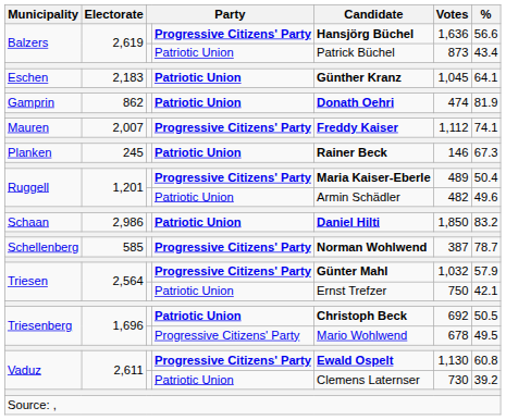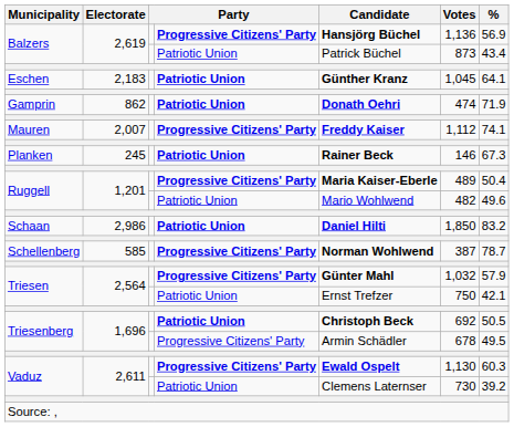 <table class="wikitable" style="text-align:right">
 <tr>
 <th>Municipality</th>
 <th>Electorate</th>
 <th colspan="2">Party</th>
 <th>Candidate</th>
 <th>Votes</th>
 <th>%</th>
 </tr>
 <tr>
 <td rowspan="2" align=left><a href='#'>Balzers</a></td>
 <td rowspan="2">2,619</td>
 <td></td>
 <td align="left"><strong><a href='#'>Progressive Citizens' Party</a></strong></td>
 <td align="left"><strong>Hansjörg Büchel</strong></td>
-<td>1,636</td>
-<td>56.6</td>
+<td>1,136</td>
+<td>56.9</td>
 </tr>
 <tr>
 <td style="color:inherit;background:"></td>
 <td align="left"><a href='#'>Patriotic Union</a></td>
 <td align="left">Patrick Büchel</td>
 <td>873</td>
 <td>43.4</td>
 </tr>
 <tr>
 <th colspan="7"></th>
 </tr>
 <tr>
 <td align="left"><a href='#'>Eschen</a></td>
 <td>2,183</td>
 <td style="color:inherit;background:"></td>
 <td align="left"><a href='#'><strong>Patriotic Union</strong></a></td>
 <td align="left"><strong>Günther Kranz</strong></td>
 <td>1,045</td>
 <td>64.1</td>
 </tr>
 <tr>
 <th colspan="7"></th>
 </tr>
 <tr>
 <td align="left"><a href='#'>Gamprin</a></td>
 <td>862</td>
 <td style="color:inherit;background:"></td>
 <td align="left"><a href='#'><strong>Patriotic Union</strong></a></td>
 <td align="left"><strong><a href='#'>Donath Oehri</a></strong></td>
 <td>474</td>
-<td>81.9</td>
+<td>71.9</td>
 </tr>
 <tr>
 <th colspan="7"></th>
 </tr>
 <tr>
 <td align="left"><a href='#'>Mauren</a></td>
 <td>2,007</td>
 <td style="color:inherit;background:"></td>
 <td align="left"><strong><a href='#'>Progressive Citizens' Party</a></strong></td>
 <td align="left"><strong><a href='#'>Freddy Kaiser</a></strong></td>
 <td>1,112</td>
 <td>74.1</td>
 </tr>
 <tr>
 <th colspan="7"></th>
 </tr>
 <tr>
 <td align="left"><a href='#'>Planken</a></td>
 <td>245</td>
 <td style="color:inherit;background:"></td>
 <td align="left"><a href='#'><strong>Patriotic Union</strong></a></td>
 <td align="left"><strong>Rainer Beck</strong></td>
 <td>146</td>
 <td>67.3</td>
 </tr>
 <tr>
 <th colspan="7"></th>
 </tr>
 <tr>
 <td rowspan="2" align="left"><a href='#'>Ruggell</a></td>
 <td rowspan="2">1,201</td>
 <td style="color:inherit;background:"></td>
 <td align="left"><strong><a href='#'>Progressive Citizens' Party</a></strong></td>
 <td align="left"><strong>Maria Kaiser-Eberle</strong></td>
 <td>489</td>
 <td>50.4</td>
 </tr>
 <tr>
 <td style="color:inherit;background:"></td>
 <td align=left><a href='#'>Patriotic Union</a></td>
-<td align="left">Armin Schädler</td>
+<td align=left><a href='#'>Mario Wohlwend</a></td>
 <td>482</td>
 <td>49.6</td>
 </tr>
 <tr>
 <th colspan="7"></th>
 </tr>
 <tr>
 <td align="left"><a href='#'>Schaan</a></td>
 <td>2,986</td>
 <td style="color:inherit;background:"></td>
 <td align="left"><a href='#'><strong>Patriotic Union</strong></a></td>
 <td align="left"><strong><a href='#'>Daniel Hilti</a></strong></td>
 <td>1,850</td>
 <td>83.2</td>
 </tr>
 <tr>
 <th colspan="7"></th>
 </tr>
 <tr>
 <td align="left"><a href='#'>Schellenberg</a></td>
 <td>585</td>
 <td style="color:inherit;background:"></td>
 <td align="left"><strong><a href='#'>Progressive Citizens' Party</a></strong></td>
 <td align="left"><strong>Norman Wohlwend</strong></td>
 <td>387</td>
 <td>78.7</td>
 </tr>
 <tr>
 <th colspan="7"></th>
 </tr>
 <tr>
 <td rowspan="2" align="left"><a href='#'>Triesen</a></td>
 <td rowspan="2">2,564</td>
 <td style="color:inherit;background:"></td>
 <td align="left"><strong><a href='#'>Progressive Citizens' Party</a></strong></td>
 <td align="left"><strong>Günter Mahl</strong></td>
 <td>1,032</td>
 <td>57.9</td>
 </tr>
 <tr>
 <td style="color:inherit;background:"></td>
 <td align="left"><a href='#'>Patriotic Union</a></td>
 <td align="left">Ernst Trefzer</td>
 <td>750</td>
 <td>42.1</td>
 </tr>
 <tr>
 <th colspan="7"></th>
 </tr>
 <tr>
 <td rowspan="2" align="left"><a href='#'>Triesenberg</a></td>
 <td rowspan="2">1,696</td>
 <td style="color:inherit;background:"></td>
 <td align="left"><a href='#'><strong>Patriotic Union</strong></a></td>
 <td align="left"><strong>Christoph Beck</strong></td>
 <td>692</td>
 <td>50.5</td>
 </tr>
 <tr>
 <td style="color:inherit;background:"></td>
 <td align="left"><a href='#'>Progressive Citizens' Party</a></td>
-<td align=left><a href='#'>Mario Wohlwend</a></td>
+<td align="left">Armin Schädler</td>
 <td>678</td>
 <td>49.5</td>
 </tr>
 <tr>
 <th colspan="7"></th>
 </tr>
 <tr>
 <td rowspan="2" align="left"><a href='#'>Vaduz</a></td>
 <td rowspan="2">2,611</td>
 <td style="color:inherit;background:"></td>
 <td align="left"><strong><a href='#'>Progressive Citizens' Party</a></strong></td>
 <td align="left"><strong><a href='#'>Ewald Ospelt</a></strong></td>
 <td>1,130</td>
-<td>60.8</td>
+<td>60.3</td>
 </tr>
 <tr>
 <td style="color:inherit;background:"></td>
 <td align="left"><a href='#'>Patriotic Union</a></td>
 <td align="left">Clemens Laternser</td>
 <td>730</td>
 <td>39.2</td>
 </tr>
 <tr>
 <th colspan="7"></th>
 </tr>
 <tr>
 <td colspan="7" align="left">Source: , </td>
 </tr>
 </table>
